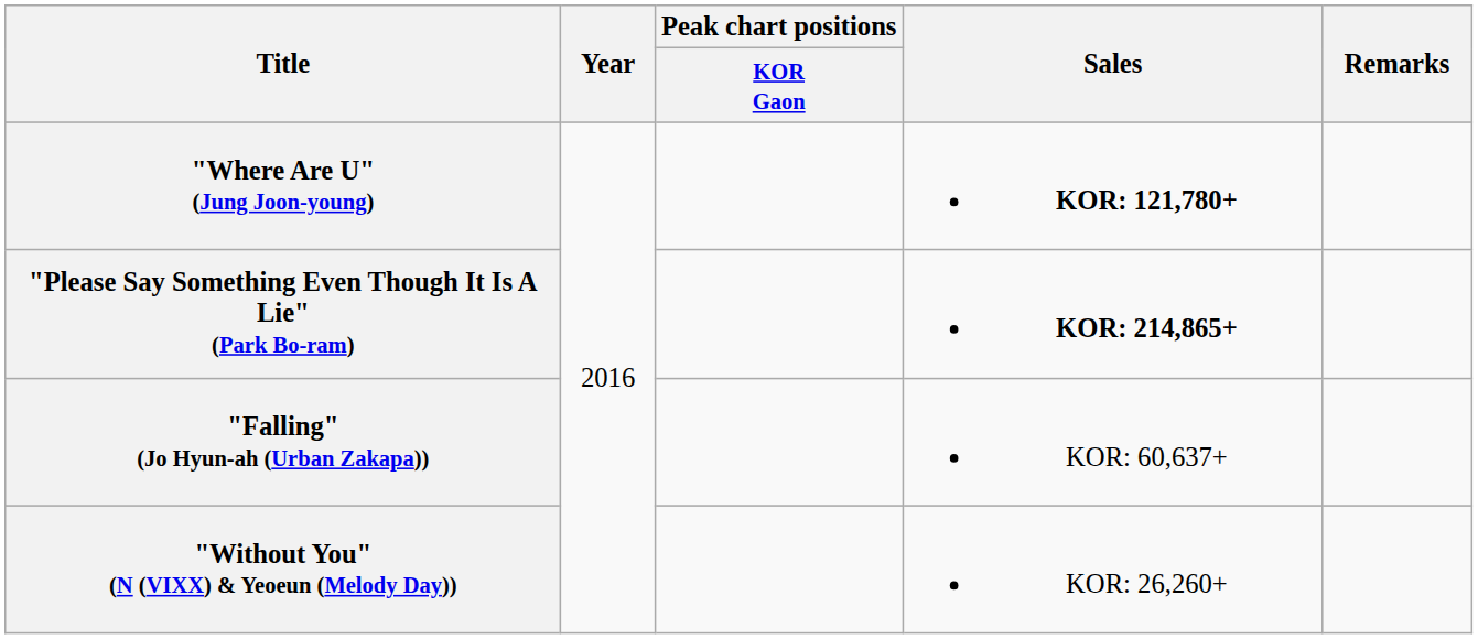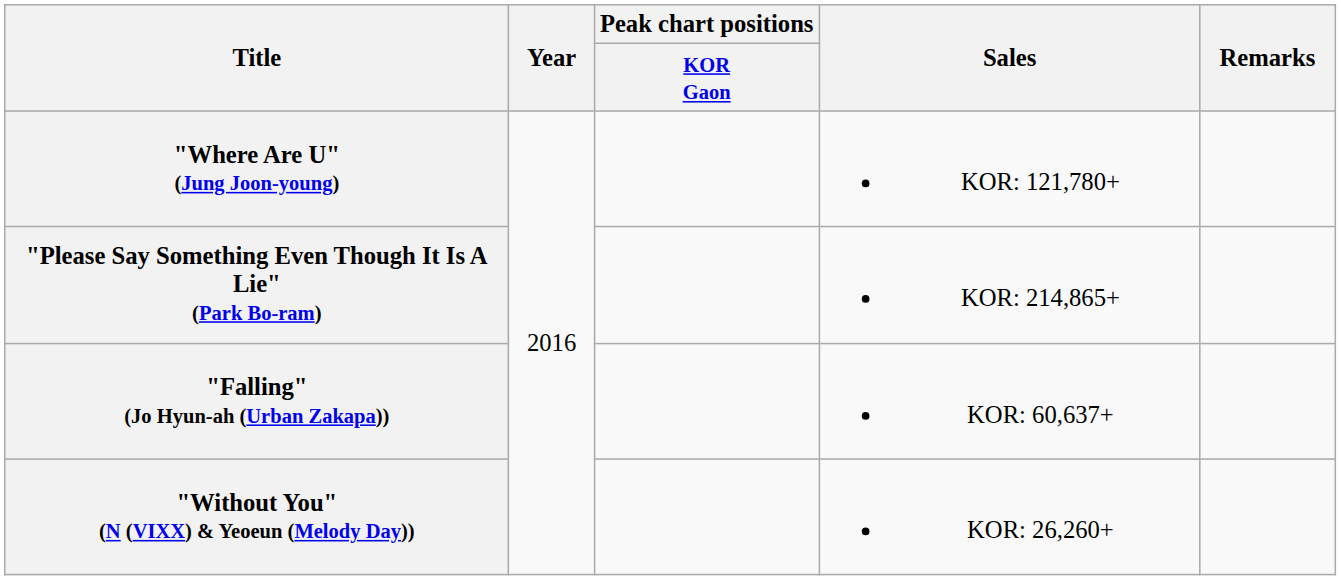 <table class="wikitable plainrowheaders" style="text-align:center;">
 <tr>
 <th scope="col" rowspan="2" style="width:20em;">Title</th>
 <th scope="col" rowspan="2" style="width:3em;">Year</th>
 <th scope="col">Peak chart positions</th>
 <th scope="col" rowspan="2" style="width:15em;">Sales</th>
 <th scope="col" rowspan="2" style="width:5em;">Remarks</th>
 </tr>
 <tr>
 <th><small><a href='#'>KOR</a></small><br><small><a href='#'>Gaon</a></small></th>
 </tr>
 <tr>
 <th scope="row">"Where Are U"<br><small>(<a href='#'>Jung Joon-young</a>)</small></th>
 <td rowspan="4">2016</td>
 <td></td>
-<td><strong><br><ul><li>KOR: 121,780+</li></ul></strong></td>
+<td><br><ul><li>KOR: 121,780+</li></ul></td>
 <td></td>
 </tr>
 <tr>
 <th scope="row">"Please Say Something Even Though It Is A Lie"<br><small>(<a href='#'>Park Bo-ram</a>)</small></th>
 <td></td>
-<td><strong><br><ul><li>KOR: 214,865+</li></ul></strong></td>
+<td><br><ul><li>KOR: 214,865+</li></ul></td>
 <td></td>
 </tr>
 <tr>
 <th scope="row">"Falling"<br><small>(Jo Hyun-ah (<a href='#'>Urban Zakapa</a>))</small></th>
 <td></td>
 <td><br><ul><li>KOR: 60,637+</li></ul></td>
 <td></td>
 </tr>
 <tr>
 <th scope="row">"Without You"<br><small>(<a href='#'>N</a> (<a href='#'>VIXX</a>) & Yeoeun (<a href='#'>Melody Day</a>))</small></th>
 <td></td>
 <td><br><ul><li>KOR:  26,260+</li></ul></td>
 <td></td>
 </tr>
 </table>
